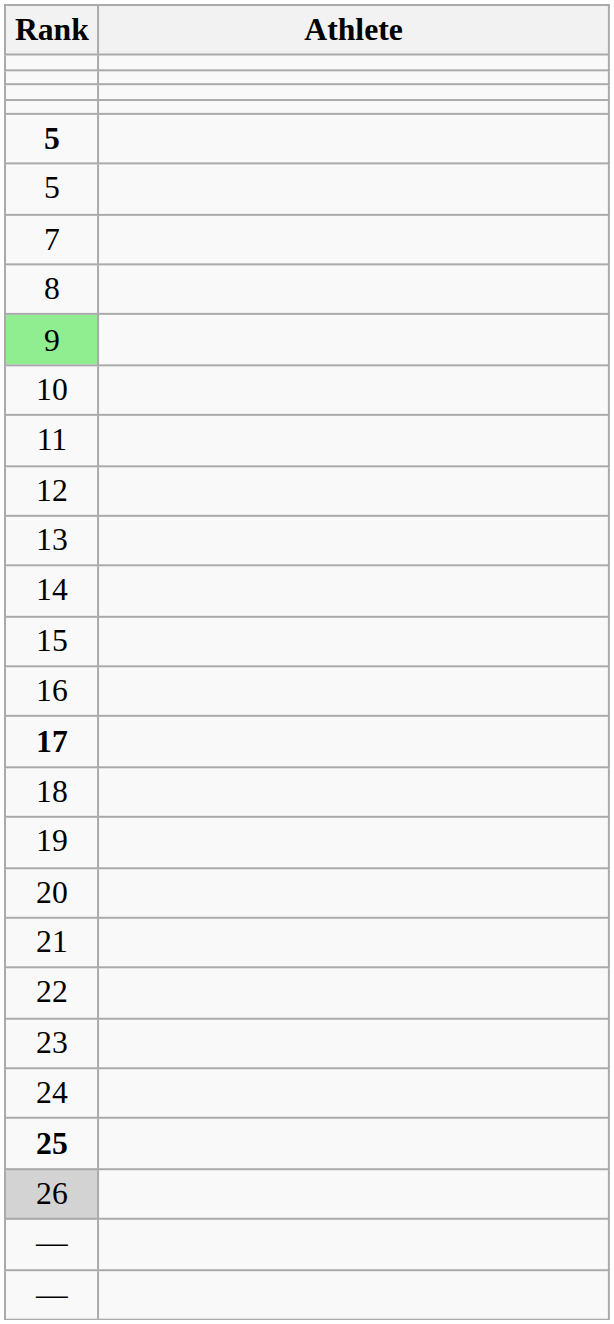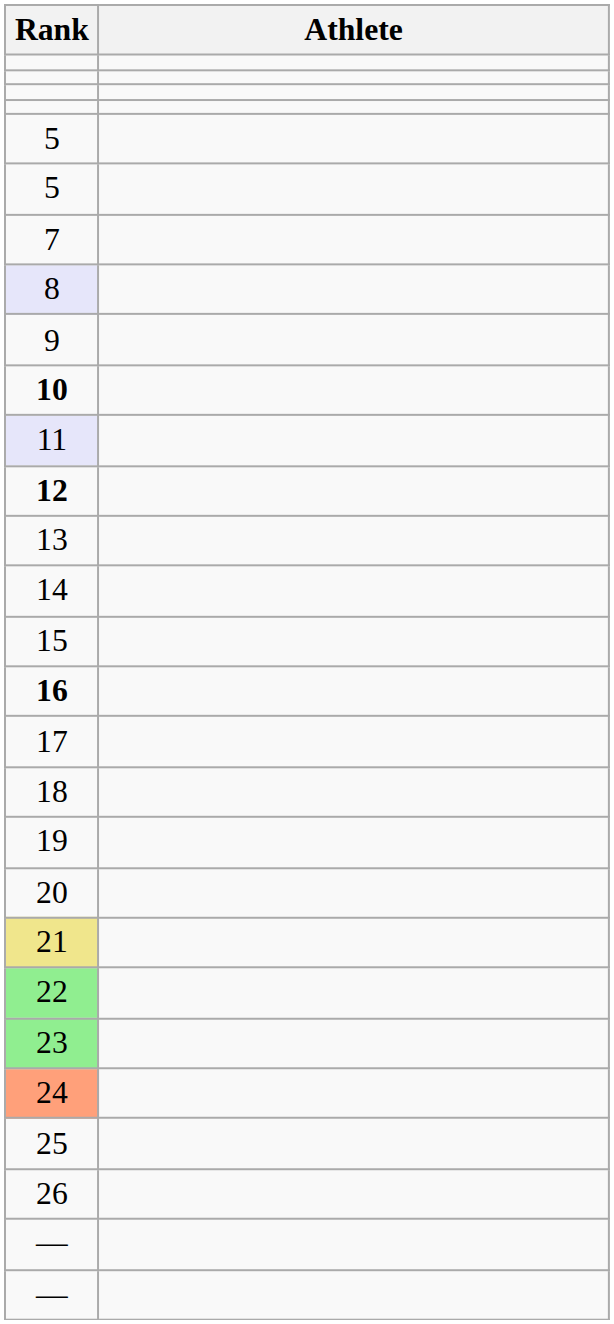 <table class="wikitable" style="text-align: center;">
 <tr>
 <th width=40>Rank</th>
 <th width=250>Athlete</th>
 </tr>
 <tr>
 <td></td>
 <td align="left"></td>
 </tr>
 <tr>
 <td></td>
 <td align="left"></td>
 </tr>
 <tr>
 <td></td>
 <td align="left"></td>
 </tr>
 <tr>
 <td></td>
 <td align="left"></td>
 </tr>
 <tr>
-<td><strong>5</strong></td>
+<td>5</td>
 <td align="left"></td>
 </tr>
 <tr>
 <td>5</td>
 <td align="left"></td>
 </tr>
 <tr>
 <td>7</td>
 <td align="left"></td>
 </tr>
 <tr>
-<td>8</td>
+<td style="background: lavender;">8</td>
 <td align="left"></td>
 </tr>
 <tr>
-<td style="background: lightgreen;">9</td>
+<td>9</td>
 <td align="left"></td>
 </tr>
 <tr>
-<td>10</td>
+<td><strong>10</strong></td>
 <td align="left"></td>
 </tr>
 <tr>
-<td>11</td>
+<td style="background: lavender;">11</td>
 <td align="left"></td>
 </tr>
 <tr>
-<td>12</td>
+<td><strong>12</strong></td>
 <td align="left"></td>
 </tr>
 <tr>
 <td>13</td>
 <td align="left"></td>
 </tr>
 <tr>
 <td>14</td>
 <td align="left"></td>
 </tr>
 <tr>
 <td>15</td>
 <td align="left"></td>
 </tr>
 <tr>
-<td>16</td>
+<td><strong>16</strong></td>
 <td align="left"></td>
 </tr>
 <tr>
-<td><strong>17</strong></td>
+<td>17</td>
 <td align="left"></td>
 </tr>
 <tr>
 <td>18</td>
 <td align="left"></td>
 </tr>
 <tr>
 <td>19</td>
 <td align="left"></td>
 </tr>
 <tr>
 <td>20</td>
 <td align="left"></td>
 </tr>
 <tr>
-<td>21</td>
+<td style="background: khaki;">21</td>
 <td align="left"></td>
 </tr>
 <tr>
-<td>22</td>
+<td style="background: lightgreen;">22</td>
 <td align="left"></td>
 </tr>
 <tr>
-<td>23</td>
+<td style="background: lightgreen;">23</td>
 <td align="left"></td>
 </tr>
 <tr>
-<td>24</td>
+<td style="background: lightsalmon;">24</td>
 <td align="left"></td>
 </tr>
 <tr>
-<td><strong>25</strong></td>
+<td>25</td>
 <td align="left"></td>
 </tr>
 <tr>
-<td style="background: lightgrey;">26</td>
+<td>26</td>
 <td align="left"></td>
 </tr>
 <tr>
 <td>—</td>
 <td align="left"></td>
 </tr>
 <tr>
 <td>—</td>
 <td align="left"></td>
 </tr>
 </table>
